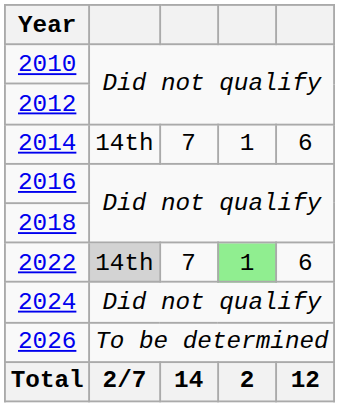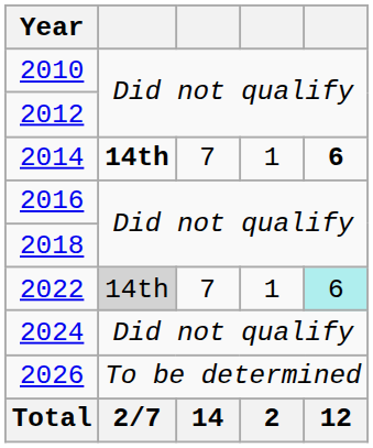 <table class="wikitable" style="text-align:center">
 <tr>
 <th>Year</th>
 <th></th>
 <th width=25></th>
 <th width=25></th>
 <th width=25></th>
 </tr>
 <tr>
 <td> <a href='#'>2010</a></td>
 <td rowspan=2 colspan=4><em>Did not qualify</em></td>
 </tr>
 <tr>
 <td> <a href='#'>2012</a></td>
 </tr>
 <tr>
 <td> <a href='#'>2014</a></td>
-<td>14th</td>
+<td><strong>14th</strong></td>
 <td>7</td>
 <td>1</td>
-<td>6</td>
+<td><strong>6</strong></td>
 </tr>
 <tr>
 <td> <a href='#'>2016</a></td>
 <td rowspan=2 colspan=4><em>Did not qualify</em></td>
 </tr>
 <tr>
 <td> <a href='#'>2018</a></td>
 </tr>
 <tr>
 <td> <a href='#'>2022</a></td>
 <td style="background: lightgrey;">14th</td>
 <td>7</td>
-<td style="background: lightgreen;">1</td>
-<td>6</td>
+<td>1</td>
+<td style="background: paleturquoise;">6</td>
 </tr>
 <tr>
 <td> <a href='#'>2024</a></td>
 <td colspan=4><em>Did not qualify</em></td>
 </tr>
 <tr>
 <td> <a href='#'>2026</a></td>
 <td colspan=4><em>To be determined</em></td>
 </tr>
 <tr>
 <th>Total</th>
 <th>2/7</th>
 <th>14</th>
 <th>2</th>
 <th>12</th>
 </tr>
 </table>
